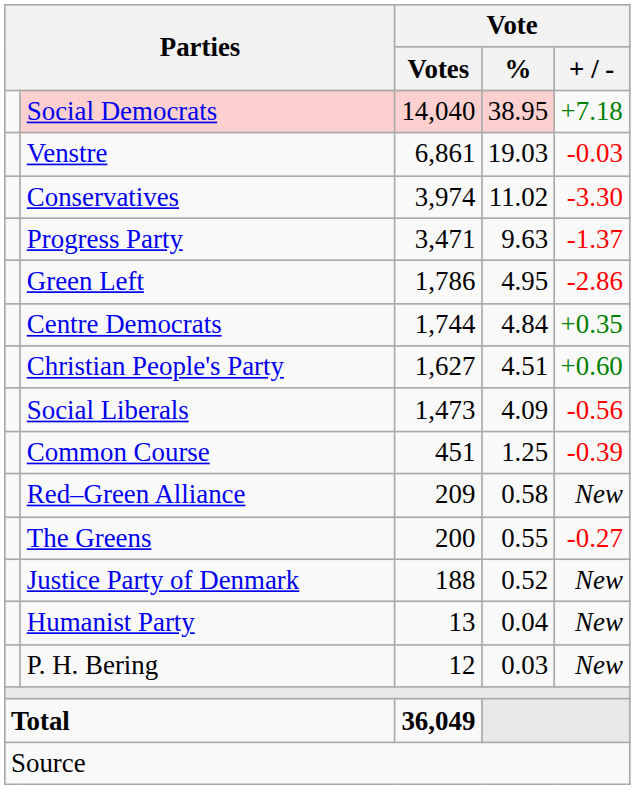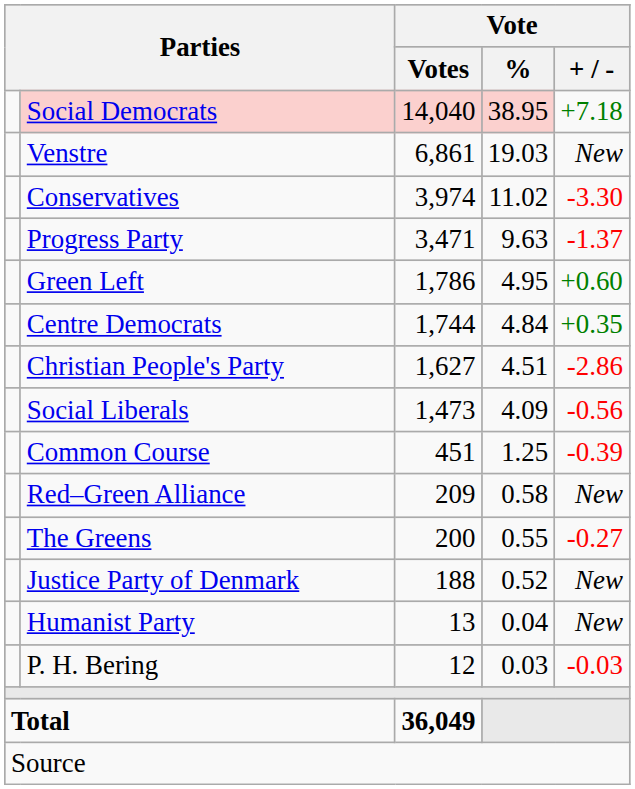 <table class="wikitable" style="text-align:right;">
 <tr>
 <th style="text-align:centre;" rowspan="2" colspan="2" width="225">Parties</th>
 <th colspan="3">Vote</th>
 </tr>
 <tr>
 <th width="15">Votes</th>
 <th width="15">%</th>
 <th width="15">+ / -</th>
 </tr>
 <tr>
 <td width="2" style="color:inherit;background:"></td>
 <td bgcolor=#fbd0ce  align="left"><a href='#'>Social Democrats</a></td>
 <td bgcolor=#fbd0ce>14,040</td>
 <td bgcolor=#fbd0ce>38.95</td>
 <td style=color:green;>+7.18</td>
 </tr>
 <tr>
 <td width="2" style="color:inherit;background:"></td>
 <td align="left"><a href='#'>Venstre</a></td>
 <td>6,861</td>
 <td>19.03</td>
-<td style=color:red;>-0.03</td>
+<td><em>New</em></td>
 </tr>
 <tr>
 <td width="2" style="color:inherit;background:"></td>
 <td align="left"><a href='#'>Conservatives</a></td>
 <td>3,974</td>
 <td>11.02</td>
 <td style=color:red;>-3.30</td>
 </tr>
 <tr>
 <td width="2" style="color:inherit;background:"></td>
 <td align="left"><a href='#'>Progress Party</a></td>
 <td>3,471</td>
 <td>9.63</td>
 <td style=color:red;>-1.37</td>
 </tr>
 <tr>
 <td width="2" style="color:inherit;background:"></td>
 <td align="left"><a href='#'>Green Left</a></td>
 <td>1,786</td>
 <td>4.95</td>
-<td style=color:red;>-2.86</td>
+<td style=color:green;>+0.60</td>
 </tr>
 <tr>
 <td width="2" style="color:inherit;background:"></td>
 <td align="left"><a href='#'>Centre Democrats</a></td>
 <td>1,744</td>
 <td>4.84</td>
 <td style=color:green;>+0.35</td>
 </tr>
 <tr>
 <td width="2" style="color:inherit;background:"></td>
 <td align="left"><a href='#'>Christian People's Party</a></td>
 <td>1,627</td>
 <td>4.51</td>
-<td style=color:green;>+0.60</td>
+<td style=color:red;>-2.86</td>
 </tr>
 <tr>
 <td width="2" style="color:inherit;background:"></td>
 <td align="left"><a href='#'>Social Liberals</a></td>
 <td>1,473</td>
 <td>4.09</td>
 <td style=color:red;>-0.56</td>
 </tr>
 <tr>
 <td width="2" style="color:inherit;background:"></td>
 <td align="left"><a href='#'>Common Course</a></td>
 <td>451</td>
 <td>1.25</td>
 <td style=color:red;>-0.39</td>
 </tr>
 <tr>
 <td width="2" style="color:inherit;background:"></td>
 <td align="left"><a href='#'>Red–Green Alliance</a></td>
 <td>209</td>
 <td>0.58</td>
 <td><em>New</em></td>
 </tr>
 <tr>
 <td width="2" style="color:inherit;background:"></td>
 <td align="left"><a href='#'>The Greens</a></td>
 <td>200</td>
 <td>0.55</td>
 <td style=color:red;>-0.27</td>
 </tr>
 <tr>
 <td width="2" style="color:inherit;background:"></td>
 <td align="left"><a href='#'>Justice Party of Denmark</a></td>
 <td>188</td>
 <td>0.52</td>
 <td><em>New</em></td>
 </tr>
 <tr>
 <td width="2" style="color:inherit;background:"></td>
 <td align="left"><a href='#'>Humanist Party</a></td>
 <td>13</td>
 <td>0.04</td>
 <td><em>New</em></td>
 </tr>
 <tr>
 <td width="2" style="color:inherit;background:"></td>
 <td align="left">P. H. Bering</td>
 <td>12</td>
 <td>0.03</td>
-<td><em>New</em></td>
+<td style=color:red;>-0.03</td>
 </tr>
 <tr>
 <td colspan="7" bgcolor="#E9E9E9"></td>
 </tr>
 <tr>
 <td align="left" colspan="2"><strong>Total</strong></td>
 <td><strong>36,049</strong></td>
 <td bgcolor="#E9E9E9" colspan="2"></td>
 </tr>
 <tr>
 <td align="left" colspan="6">Source</td>
 </tr>
 </table>
